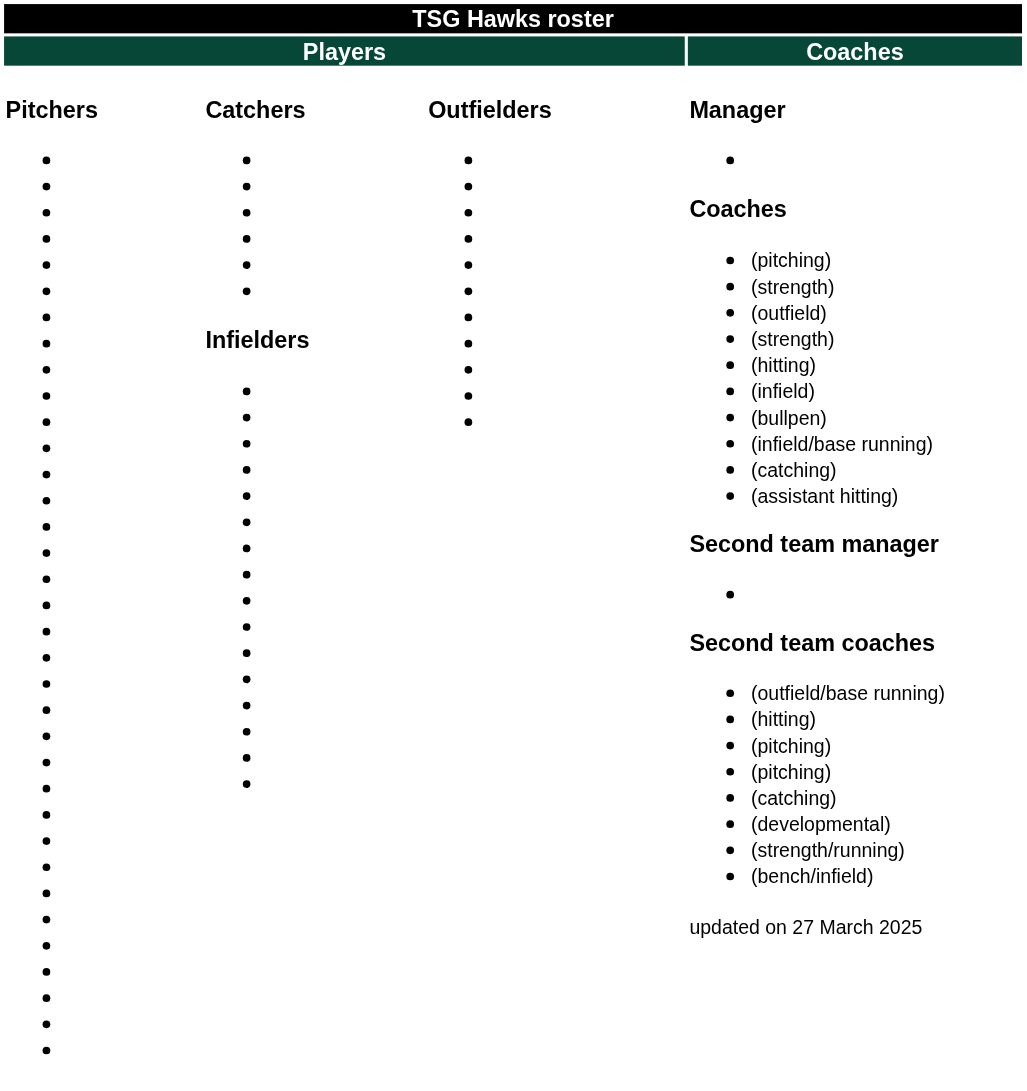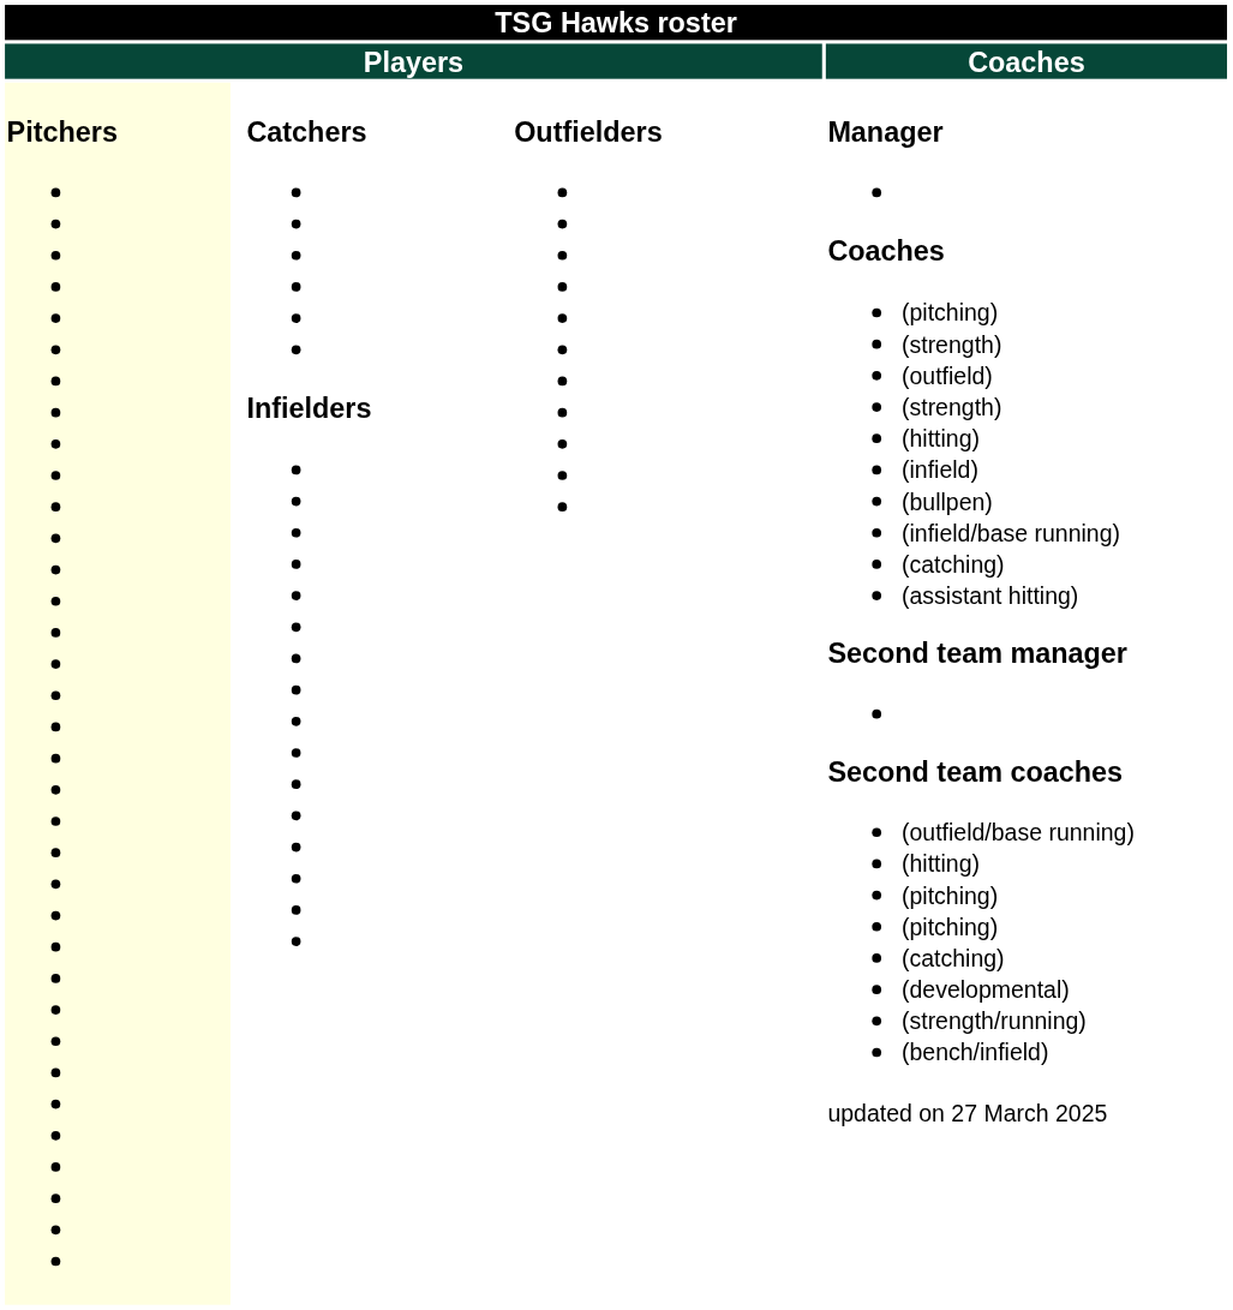 <table class="toccolours" style="font-size: 95%;">
 <tr>
 <th colspan="10" style="background-color: #000000; color: white; text-align: center;">TSG Hawks roster</th>
 </tr>
 <tr>
 <td colspan="6" style="background-color:#064738; color: white; text-align: center;" width="440"><strong>Players</strong></td>
 <td colspan="2" style="background-color:#064738; color: white; text-align: center;" width="215"><strong>Coaches</strong></td>
 </tr>
 <tr>
-<td style="vertical-align:top;"><br><strong>Pitchers</strong><ul><li></li><li></li><li></li><li></li><li></li><li></li><li></li><li></li><li></li><li></li><li></li><li></li><li></li><li></li><li></li><li></li><li></li><li></li><li></li><li></li><li></li><li></li><li></li><li></li><li></li><li></li><li></li><li></li><li></li><li></li><li></li><li></li><li></li><li></li><li></li></ul></td>
+<td style="background: lightyellow; vertical-align:top;"><br><strong>Pitchers</strong><ul><li></li><li></li><li></li><li></li><li></li><li></li><li></li><li></li><li></li><li></li><li></li><li></li><li></li><li></li><li></li><li></li><li></li><li></li><li></li><li></li><li></li><li></li><li></li><li></li><li></li><li></li><li></li><li></li><li></li><li></li><li></li><li></li><li></li><li></li><li></li></ul></td>
 <td width="px"></td>
 <td style="vertical-align:top;"><br><strong>Catchers</strong><ul><li></li><li></li><li></li><li></li><li></li><li></li></ul><strong>Infielders</strong><ul><li></li><li></li><li></li><li></li><li></li><li></li><li></li><li></li><li></li><li></li><li></li><li></li><li></li><li></li><li></li><li></li></ul></td>
 <td width="px"></td>
 <td style="vertical-align:top;"><br><strong>Outfielders</strong><ul><li></li><li></li><li></li><li></li><li></li><li></li><li></li><li></li><li></li><li></li><li></li></ul></td>
 <td width="px"></td>
 <td style="vertical-align:top;"><br><strong>Manager</strong><ul><li></li></ul><strong>Coaches</strong><ul><li> <small>(pitching)</small></li><li> <small>(strength)</small></li><li> <small>(outfield)</small></li><li> <small>(strength)</small></li><li> <small>(hitting)</small></li><li> <small>(infield)</small></li><li> <small>(bullpen)</small></li><li> <small>(infield/base running)</small></li><li> <small>(catching)</small></li><li> <small>(assistant hitting)</small></li></ul><strong>Second team manager</strong><ul><li></li></ul><strong>Second team coaches</strong><ul><li> <small>(outfield/base running)</small></li><li> <small>(hitting)</small></li><li> <small>(pitching)</small></li><li> <small>(pitching)</small></li><li> <small>(catching)</small></li><li> <small>(developmental)</small></li><li> <small>(strength/running)</small></li><li> <small>(bench/infield)</small></li></ul><small> <span></span> updated on 27 March 2025</small></td>
 </tr>
 </table>
